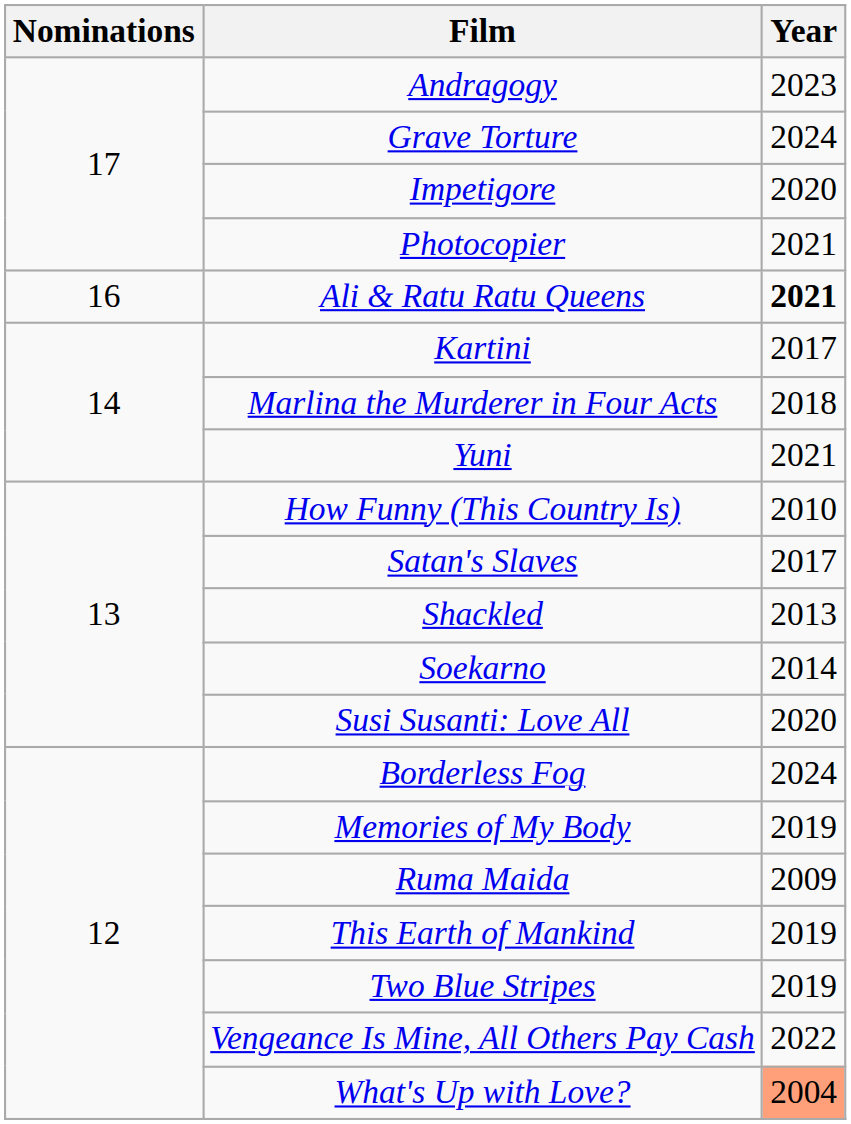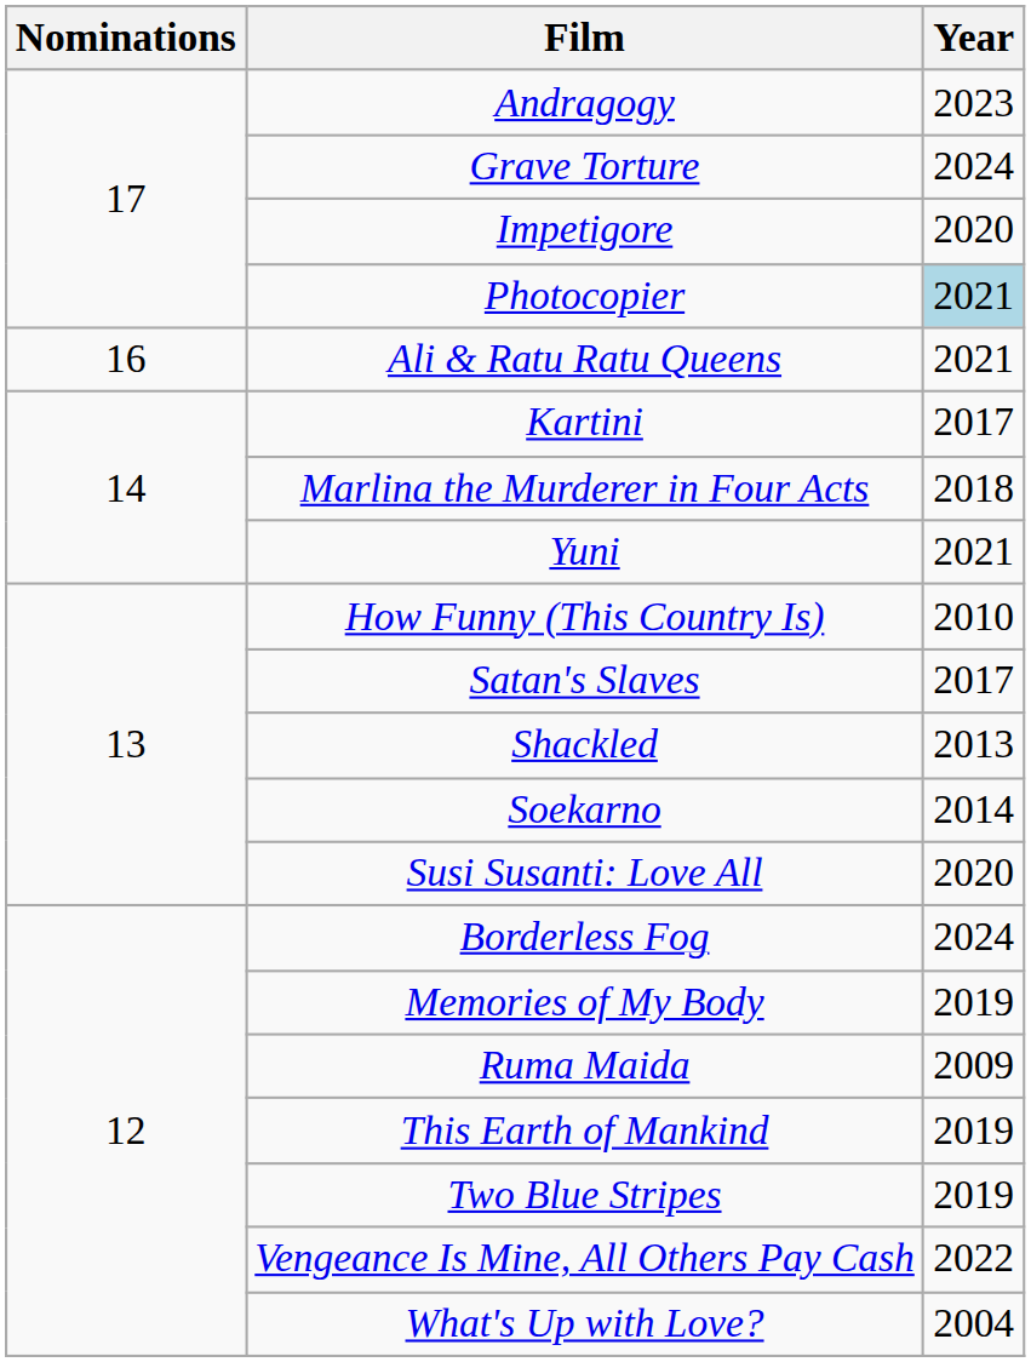 <table class="wikitable sortable plainrowheaders" style="text-align:center;">
 <tr>
 <th style="width:55px;">Nominations</th>
 <th>Film</th>
 <th>Year</th>
 </tr>
 <tr>
 <td rowspan="4">17</td>
 <td><em><a href='#'>Andragogy</a></em></td>
 <td>2023</td>
 </tr>
 <tr>
 <td><em><a href='#'>Grave Torture</a></em></td>
 <td>2024</td>
 </tr>
 <tr>
 <td><em><a href='#'>Impetigore</a></em></td>
 <td>2020</td>
 </tr>
 <tr>
 <td><em><a href='#'>Photocopier</a></em></td>
-<td>2021</td>
+<td style="background: lightblue;">2021</td>
 </tr>
 <tr>
 <td>16</td>
 <td><em><a href='#'>Ali & Ratu Ratu Queens</a></em></td>
-<td><strong>2021</strong></td>
+<td>2021</td>
 </tr>
 <tr>
 <td rowspan="3">14</td>
 <td><em><a href='#'>Kartini</a></em></td>
 <td>2017</td>
 </tr>
 <tr>
 <td><em><a href='#'>Marlina the Murderer in Four Acts</a></em></td>
 <td>2018</td>
 </tr>
 <tr>
 <td><em><a href='#'>Yuni</a></em></td>
 <td>2021</td>
 </tr>
 <tr>
 <td rowspan="5">13</td>
 <td><em><a href='#'>How Funny (This Country Is)</a></em></td>
 <td>2010</td>
 </tr>
 <tr>
 <td><em><a href='#'>Satan's Slaves</a></em></td>
 <td>2017</td>
 </tr>
 <tr>
 <td><em><a href='#'>Shackled</a></em></td>
 <td>2013</td>
 </tr>
 <tr>
 <td><em><a href='#'>Soekarno</a></em></td>
 <td>2014</td>
 </tr>
 <tr>
 <td><em><a href='#'>Susi Susanti: Love All</a></em></td>
 <td>2020</td>
 </tr>
 <tr>
 <td rowspan="7">12</td>
 <td><em><a href='#'>Borderless Fog</a></em></td>
 <td>2024</td>
 </tr>
 <tr>
 <td><em><a href='#'>Memories of My Body</a></em></td>
 <td>2019</td>
 </tr>
 <tr>
 <td><em><a href='#'>Ruma Maida</a></em></td>
 <td>2009</td>
 </tr>
 <tr>
 <td><em><a href='#'>This Earth of Mankind</a></em></td>
 <td>2019</td>
 </tr>
 <tr>
 <td><em><a href='#'>Two Blue Stripes</a></em></td>
 <td>2019</td>
 </tr>
 <tr>
 <td><em><a href='#'>Vengeance Is Mine, All Others Pay Cash</a></em></td>
 <td>2022</td>
 </tr>
 <tr>
 <td><em><a href='#'>What's Up with Love?</a></em></td>
-<td style="background: lightsalmon;">2004</td>
+<td>2004</td>
 </tr>
 <tr>
 </tr>
 </table>
